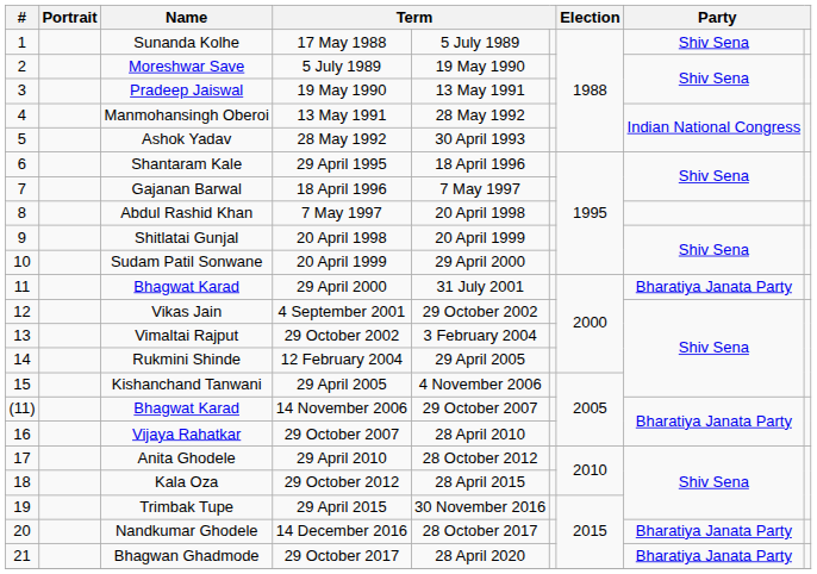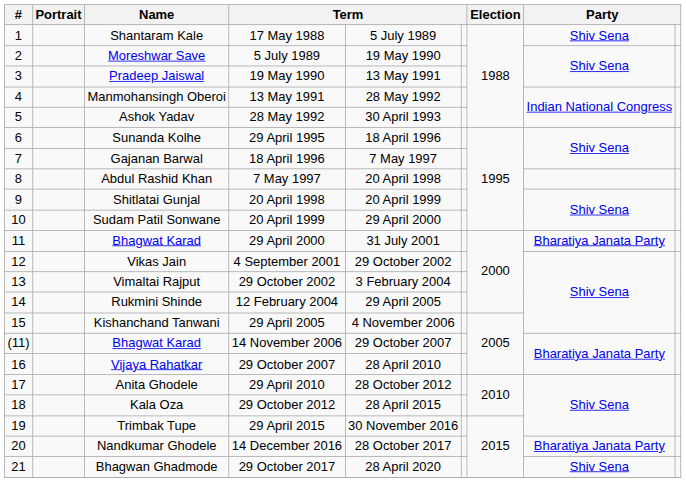 <table class="wikitable">
 <tr style="text-align:center">
 <th>#</th>
 <th>Portrait</th>
 <th>Name</th>
 <th colspan="3">Term</th>
 <th>Election</th>
 <th colspan="2">Party</th>
 </tr>
 <tr style="text-align:center">
 <td>1</td>
 <td></td>
-<td>Sunanda Kolhe</td>
+<td>Shantaram Kale</td>
 <td>17 May 1988</td>
 <td>5 July 1989</td>
 <td></td>
 <td rowspan="5">1988</td>
 <td><a href='#'>Shiv Sena</a></td>
 <td></td>
 </tr>
 <tr style="text-align:center">
 <td>2</td>
 <td></td>
 <td><a href='#'>Moreshwar Save</a></td>
 <td>5 July 1989</td>
 <td>19 May 1990</td>
 <td></td>
 <td rowspan="2"><a href='#'>Shiv Sena</a></td>
 <td rowspan="2"></td>
 </tr>
 <tr style="text-align:center">
 <td>3</td>
 <td></td>
 <td><a href='#'>Pradeep Jaiswal</a></td>
 <td>19 May 1990</td>
 <td>13 May 1991</td>
 <td></td>
 </tr>
 <tr style="text-align:center">
 <td>4</td>
 <td></td>
 <td>Manmohansingh Oberoi</td>
 <td>13 May 1991</td>
 <td>28 May 1992</td>
 <td></td>
 <td rowspan="2"><a href='#'>Indian National Congress</a></td>
 <td rowspan="2"></td>
 </tr>
 <tr style="text-align:center">
 <td>5</td>
 <td></td>
 <td>Ashok Yadav</td>
 <td>28 May 1992</td>
 <td>30 April 1993</td>
 <td></td>
 </tr>
 <tr style="text-align:center">
 <td>6</td>
 <td></td>
-<td>Shantaram Kale</td>
+<td>Sunanda Kolhe</td>
 <td>29 April 1995</td>
 <td>18 April 1996</td>
 <td></td>
 <td rowspan="5">1995</td>
 <td rowspan="2"><a href='#'>Shiv Sena</a></td>
 <td rowspan="2"></td>
 </tr>
 <tr style="text-align:center">
 <td>7</td>
 <td></td>
 <td>Gajanan Barwal</td>
 <td>18 April 1996</td>
 <td>7 May 1997</td>
 <td></td>
 </tr>
 <tr style="text-align:center">
 <td>8</td>
 <td></td>
 <td>Abdul Rashid Khan</td>
 <td>7 May 1997</td>
 <td>20 April 1998</td>
 <td></td>
 <td></td>
 <td></td>
 </tr>
 <tr style="text-align:center">
 <td>9</td>
 <td></td>
 <td>Shitlatai Gunjal</td>
 <td>20 April 1998</td>
 <td>20 April 1999</td>
 <td></td>
 <td rowspan="2"><a href='#'>Shiv Sena</a></td>
 <td rowspan="2"></td>
 </tr>
 <tr style="text-align:center">
 <td>10</td>
 <td></td>
 <td>Sudam Patil Sonwane</td>
 <td>20 April 1999</td>
 <td>29 April 2000</td>
 <td></td>
 </tr>
 <tr style="text-align:center">
 <td>11</td>
 <td></td>
 <td><a href='#'>Bhagwat Karad</a></td>
 <td>29 April 2000</td>
 <td>31 July 2001</td>
 <td></td>
 <td rowspan="4">2000</td>
 <td><a href='#'>Bharatiya Janata Party</a></td>
 <td></td>
 </tr>
 <tr style="text-align:center">
 <td>12</td>
 <td></td>
 <td>Vikas Jain</td>
 <td>4 September 2001</td>
 <td>29 October 2002</td>
 <td></td>
 <td rowspan="4"><a href='#'>Shiv Sena</a></td>
 <td rowspan="4"></td>
 </tr>
 <tr style="text-align:center">
 <td>13</td>
 <td></td>
 <td>Vimaltai Rajput</td>
 <td>29 October 2002</td>
 <td>3 February 2004</td>
 <td></td>
 </tr>
 <tr style="text-align:center">
 <td>14</td>
 <td></td>
 <td>Rukmini Shinde</td>
 <td>12 February 2004</td>
 <td>29 April 2005</td>
 <td></td>
 </tr>
 <tr style="text-align:center">
 <td>15</td>
 <td></td>
 <td>Kishanchand Tanwani</td>
 <td>29 April 2005</td>
 <td>4 November 2006</td>
 <td></td>
 <td rowspan="3">2005</td>
 </tr>
 <tr style="text-align:center">
 <td>(11)</td>
 <td></td>
 <td><a href='#'>Bhagwat Karad</a></td>
 <td>14 November 2006</td>
 <td>29 October 2007</td>
 <td></td>
 <td rowspan="2"><a href='#'>Bharatiya Janata Party</a></td>
 <td rowspan="2"></td>
 </tr>
 <tr style="text-align:center">
 <td>16</td>
 <td></td>
 <td><a href='#'>Vijaya Rahatkar</a></td>
 <td>29 October 2007</td>
 <td>28 April 2010</td>
 <td></td>
 </tr>
 <tr style="text-align:center">
 <td>17</td>
 <td></td>
 <td>Anita Ghodele</td>
 <td>29 April 2010</td>
 <td>28 October 2012</td>
 <td></td>
 <td rowspan="2">2010</td>
 <td rowspan="3"><a href='#'>Shiv Sena</a></td>
 <td rowspan="3"></td>
 </tr>
 <tr style="text-align:center">
 <td>18</td>
 <td></td>
 <td>Kala Oza</td>
 <td>29 October 2012</td>
 <td>28 April 2015</td>
 <td></td>
 </tr>
 <tr style="text-align:center">
 <td>19</td>
 <td></td>
 <td>Trimbak Tupe</td>
 <td>29 April 2015</td>
 <td>30 November 2016</td>
 <td></td>
 <td rowspan="3">2015</td>
 </tr>
 <tr style="text-align:center">
 <td>20</td>
 <td></td>
 <td>Nandkumar Ghodele</td>
 <td>14 December 2016</td>
 <td>28 October 2017</td>
 <td></td>
 <td><a href='#'>Bharatiya Janata Party</a></td>
 <td></td>
 </tr>
 <tr style="text-align:center">
 <td>21</td>
 <td></td>
 <td>Bhagwan Ghadmode</td>
 <td>29 October 2017</td>
 <td>28 April 2020</td>
 <td></td>
-<td><a href='#'>Bharatiya Janata Party</a></td>
+<td><a href='#'>Shiv Sena</a></td>
 <td></td>
 </tr>
 <tr style="text-align:center">
 </tr>
 </table>
